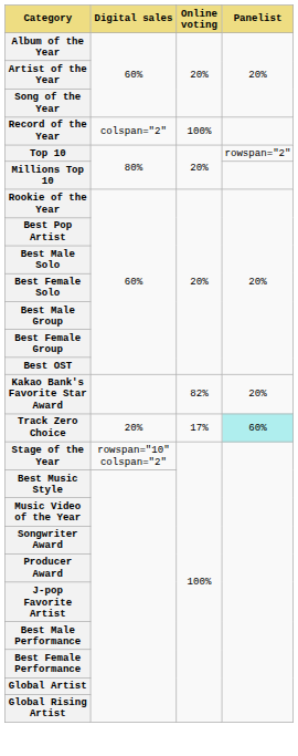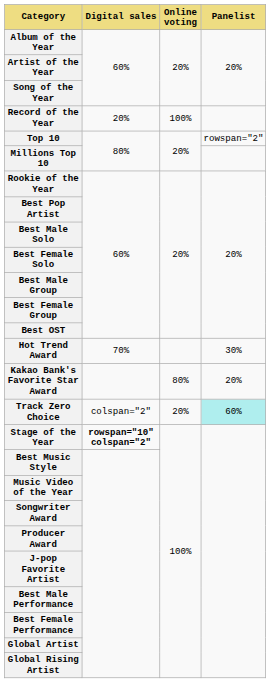 <table class="wikitable" style="text-align:center; width:60%">
 <tr>
 <th scope="col" style="background:#EEDD82">Category</th>
 <th scope="col" style="background:#EEDD82">Digital sales</th>
 <th scope="col" style="background:#EEDD82">Online voting</th>
 <th scope="col" style="background:#EEDD82">Panelist</th>
 </tr>
 <tr>
 <th scope="col">Album of the Year</th>
 <td rowspan="3">60%</td>
 <td rowspan="3">20%</td>
 <td rowspan="3">20%</td>
 </tr>
 <tr>
 <th scope="col">Artist of the Year</th>
 </tr>
 <tr>
 <th scope="col">Song of the Year</th>
 </tr>
 <tr>
 <th scope="col">Record of the Year</th>
-<td>colspan="2" </td>
+<td>20%</td>
 <td>100%</td>
 </tr>
 <tr>
 <th scope="col">Top 10</th>
 <td rowspan="2">80%</td>
 <td rowspan="2">20%</td>
 <td>rowspan="2" </td>
 </tr>
 <tr>
 <th scope="col">Millions Top 10</th>
 </tr>
 <tr>
 <th scope="col">Rookie of the Year</th>
 <td rowspan="7">60%</td>
 <td rowspan="7">20%</td>
 <td rowspan="7">20%</td>
 </tr>
 <tr>
 <th scope="col">Best Pop Artist</th>
 </tr>
 <tr>
 <th scope="col">Best Male Solo</th>
 </tr>
 <tr>
 <th scope="col">Best Female Solo</th>
 </tr>
 <tr>
 <th scope="col">Best Male Group</th>
 </tr>
 <tr>
 <th scope="col">Best Female Group</th>
 </tr>
 <tr>
 <th scope="col">Best OST</th>
 </tr>
 <tr>
+<th scope="col">Hot Trend Award</th>
+<td>70%</td>
+<td></td>
+<td>30%</td>
+</tr>
+<tr>
 <th scope="col">Kakao Bank's Favorite Star Award</th>
 <td></td>
-<td>82%</td>
+<td>80%</td>
 <td>20%</td>
 </tr>
 <tr>
 <th scope="col">Track Zero Choice</th>
+<td>colspan="2" </td>
 <td>20%</td>
-<td>17%</td>
 <td style="background: paleturquoise;">60%</td>
 </tr>
 <tr>
 <th scope="col">Stage of the Year</th>
-<td>rowspan="10" colspan="2" </td>
+<td><strong>rowspan="10" colspan="2" </strong></td>
 <td rowspan="10">100%</td>
 </tr>
 <tr>
 <th scope="col">Best Music Style</th>
 </tr>
 <tr>
 <th scope="col">Music Video of the Year</th>
 </tr>
 <tr>
 <th scope="col">Songwriter Award</th>
 </tr>
 <tr>
 <th scope="col">Producer Award</th>
 </tr>
 <tr>
 <th scope="col">J-pop Favorite Artist</th>
 </tr>
 <tr>
 <th scope="col">Best Male Performance</th>
 </tr>
 <tr>
 <th scope="col">Best Female Performance</th>
 </tr>
 <tr>
 <th scope="col">Global Artist</th>
 </tr>
 <tr>
 <th scope="col">Global Rising Artist</th>
 </tr>
 </table>
